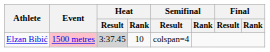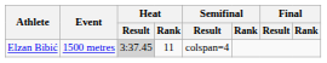 <table class="wikitable" style="font-size:90%">
 <tr>
 <th rowspan="2">Athlete</th>
 <th rowspan="2">Event</th>
 <th colspan="2">Heat</th>
 <th colspan="2">Semifinal</th>
 <th colspan="2">Final</th>
 </tr>
 <tr style="font-size:95%">
 <th>Result</th>
 <th>Rank</th>
 <th>Result</th>
 <th>Rank</th>
 <th>Result</th>
 <th>Rank</th>
 </tr>
 <tr align=center>
 <td align=left><a href='#'>Elzan Bibić</a></td>
-<td align=left style="background: pink;"><a href='#'>1500 metres</a></td>
+<td align=left><a href='#'>1500 metres</a></td>
 <td style="background: lightgrey;">3:37.45</td>
-<td>10</td>
+<td>11</td>
 <td>colspan=4 </td>
 </tr>
 </table>
